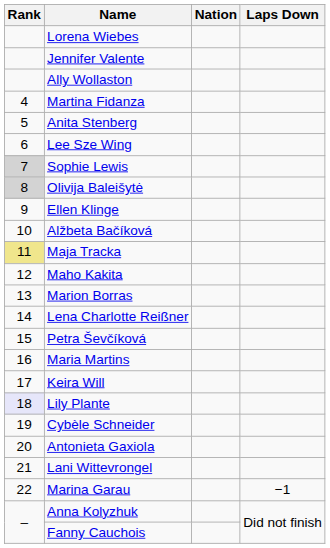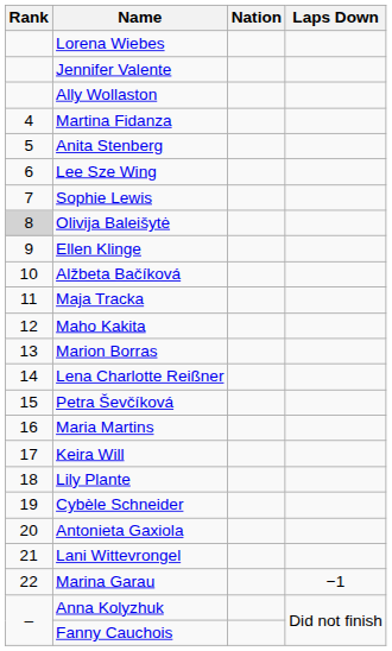 <table class="wikitable sortable" style="text-align:center">
 <tr>
 <th>Rank</th>
 <th>Name</th>
 <th>Nation</th>
 <th>Laps Down</th>
 </tr>
 <tr>
 <td></td>
 <td align=left><a href='#'>Lorena Wiebes</a></td>
 <td align=left></td>
 <td></td>
 </tr>
 <tr>
 <td></td>
 <td align=left><a href='#'>Jennifer Valente</a></td>
 <td align=left></td>
 <td></td>
 </tr>
 <tr>
 <td></td>
 <td align=left><a href='#'>Ally Wollaston</a></td>
 <td align=left></td>
 <td></td>
 </tr>
 <tr>
 <td>4</td>
 <td align=left><a href='#'>Martina Fidanza</a></td>
 <td align=left></td>
 <td></td>
 </tr>
 <tr>
 <td>5</td>
 <td align=left><a href='#'>Anita Stenberg</a></td>
 <td align=left></td>
 <td></td>
 </tr>
 <tr>
 <td>6</td>
 <td align=left><a href='#'>Lee Sze Wing</a></td>
 <td align=left></td>
 <td></td>
 </tr>
 <tr>
-<td style="background: lightgrey;">7</td>
+<td>7</td>
 <td align=left><a href='#'>Sophie Lewis</a></td>
 <td align=left></td>
 <td></td>
 </tr>
 <tr>
 <td style="background: lightgrey;">8</td>
 <td align=left><a href='#'>Olivija Baleišytė</a></td>
 <td align=left></td>
 <td></td>
 </tr>
 <tr>
 <td>9</td>
 <td align=left><a href='#'>Ellen Klinge</a></td>
 <td align=left></td>
 <td></td>
 </tr>
 <tr>
 <td>10</td>
 <td align=left><a href='#'>Alžbeta Bačíková</a></td>
 <td align=left></td>
 <td></td>
 </tr>
 <tr>
-<td style="background: khaki;">11</td>
+<td>11</td>
 <td align=left><a href='#'>Maja Tracka</a></td>
 <td align=left></td>
 <td></td>
 </tr>
 <tr>
 <td>12</td>
 <td align=left><a href='#'>Maho Kakita</a></td>
 <td align=left></td>
 <td></td>
 </tr>
 <tr>
 <td>13</td>
 <td align=left><a href='#'>Marion Borras</a></td>
 <td align=left></td>
 <td></td>
 </tr>
 <tr>
 <td>14</td>
 <td align=left><a href='#'>Lena Charlotte Reißner</a></td>
 <td align=left></td>
 <td></td>
 </tr>
 <tr>
 <td>15</td>
 <td align=left><a href='#'>Petra Ševčíková</a></td>
 <td align=left></td>
 <td></td>
 </tr>
 <tr>
 <td>16</td>
 <td align=left><a href='#'>Maria Martins</a></td>
 <td align=left></td>
 <td></td>
 </tr>
 <tr>
 <td>17</td>
 <td align=left><a href='#'>Keira Will</a></td>
 <td align=left></td>
 <td></td>
 </tr>
 <tr>
-<td style="background: lavender;">18</td>
+<td>18</td>
 <td align=left><a href='#'>Lily Plante</a></td>
 <td align=left></td>
 <td></td>
 </tr>
 <tr>
 <td>19</td>
 <td align=left><a href='#'>Cybèle Schneider</a></td>
 <td align=left></td>
 <td></td>
 </tr>
 <tr>
 <td>20</td>
 <td align=left><a href='#'>Antonieta Gaxiola</a></td>
 <td align=left></td>
 <td></td>
 </tr>
 <tr>
 <td>21</td>
 <td align=left><a href='#'>Lani Wittevrongel</a></td>
 <td align=left></td>
 <td></td>
 </tr>
 <tr>
 <td>22</td>
 <td align=left><a href='#'>Marina Garau</a></td>
 <td align=left></td>
 <td>−1</td>
 </tr>
 <tr>
 <td rowspan=2>–</td>
 <td align=left><a href='#'>Anna Kolyzhuk</a></td>
 <td align=left></td>
 <td rowspan=2>Did not finish</td>
 </tr>
 <tr>
 <td align=left><a href='#'>Fanny Cauchois</a></td>
 <td align=left></td>
 </tr>
 </table>
